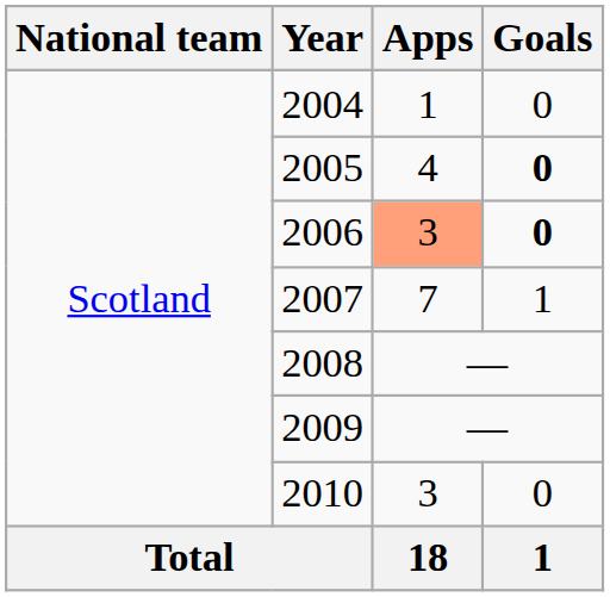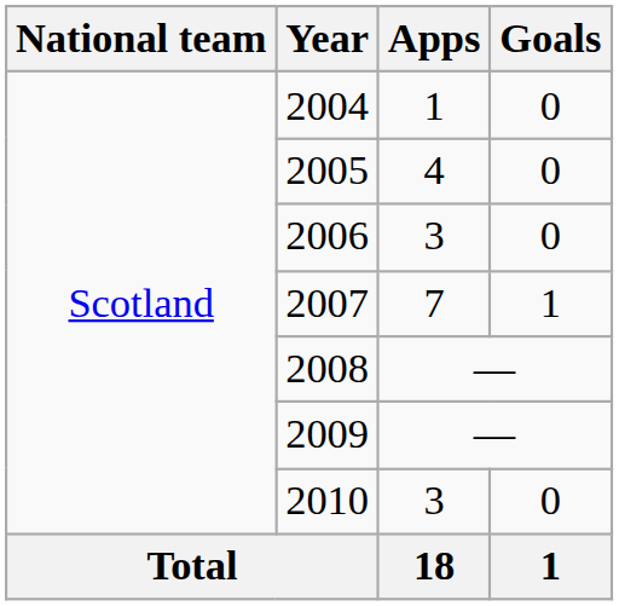 <table class="wikitable" style="text-align:center">
 <tr>
 <th>National team</th>
 <th>Year</th>
 <th>Apps</th>
 <th>Goals</th>
 </tr>
 <tr>
 <td rowspan="7"><a href='#'>Scotland</a></td>
 <td>2004</td>
 <td>1</td>
 <td>0</td>
 </tr>
 <tr>
 <td>2005</td>
 <td>4</td>
-<td><strong>0</strong></td>
+<td>0</td>
 </tr>
 <tr>
 <td>2006</td>
-<td style="background: lightsalmon;">3</td>
-<td><strong>0</strong></td>
+<td>3</td>
+<td>0</td>
 </tr>
 <tr>
 <td>2007</td>
 <td>7</td>
 <td>1</td>
 </tr>
 <tr>
 <td>2008</td>
 <td colspan="2">—</td>
 </tr>
 <tr>
 <td>2009</td>
 <td colspan="2">—</td>
 </tr>
 <tr>
 <td>2010</td>
 <td>3</td>
 <td>0</td>
 </tr>
 <tr>
 <th colspan="2">Total</th>
 <th>18</th>
 <th>1</th>
 </tr>
 </table>
